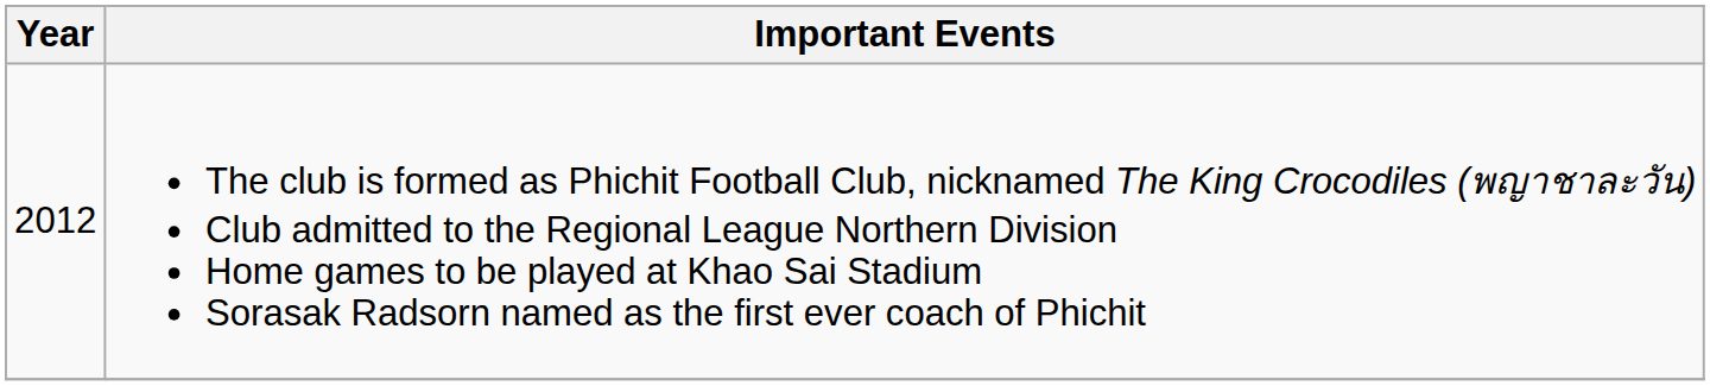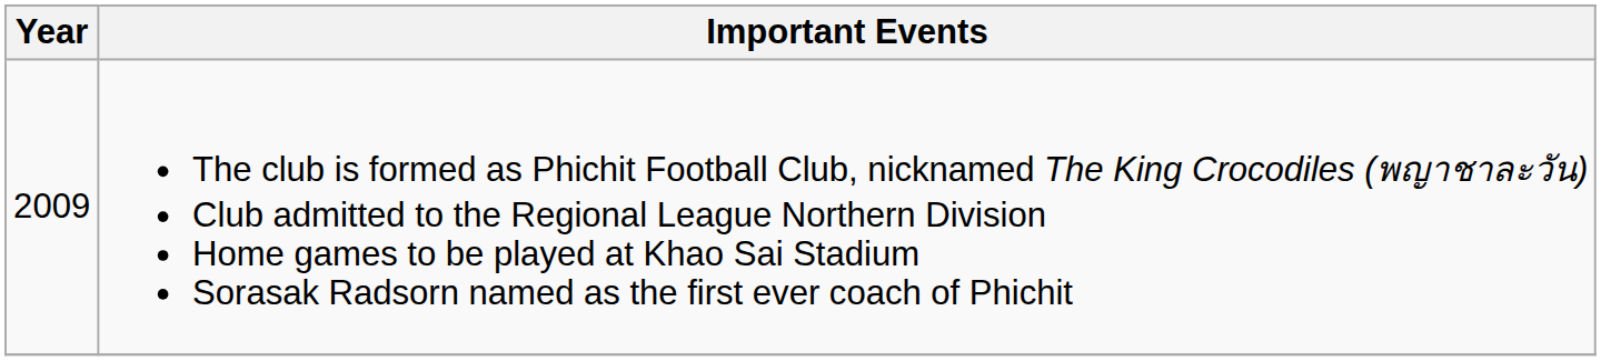 <table class="wikitable">
 <tr>
 <th>Year</th>
 <th>Important Events</th>
 </tr>
 <tr>
-<td>2012</td>
+<td>2009</td>
 <td><br><ul><li>The club is formed as Phichit Football Club, nicknamed <em>The King Crocodiles</em> <em>(พญาชาละวัน)</em></li><li>Club admitted to the Regional League Northern Division</li><li>Home games to be played at Khao Sai Stadium</li><li>Sorasak Radsorn named as the first ever coach of Phichit</li></ul></td>
 </tr>
 <tr>
 </tr>
 </table>
